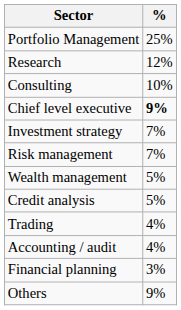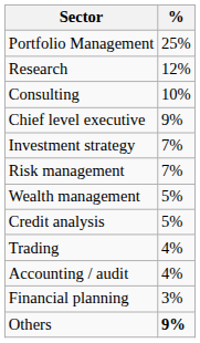 <table class="wikitable sortable floatright">
 <tr>
 <th>Sector</th>
 <th>%</th>
 </tr>
 <tr>
 <td>Portfolio Management</td>
 <td>25%</td>
 </tr>
 <tr>
 <td>Research</td>
 <td>12%</td>
 </tr>
 <tr>
 <td>Consulting</td>
 <td>10%</td>
 </tr>
 <tr>
 <td>Chief level executive</td>
-<td><strong>9%</strong></td>
+<td>9%</td>
 </tr>
 <tr>
 <td>Investment strategy</td>
 <td>7%</td>
 </tr>
 <tr>
 <td>Risk management</td>
 <td>7%</td>
 </tr>
 <tr>
 <td>Wealth management</td>
 <td>5%</td>
 </tr>
 <tr>
 <td>Credit analysis</td>
 <td>5%</td>
 </tr>
 <tr>
 <td>Trading</td>
 <td>4%</td>
 </tr>
 <tr>
 <td>Accounting / audit</td>
 <td>4%</td>
 </tr>
 <tr>
 <td>Financial planning</td>
 <td>3%</td>
 </tr>
 <tr>
 <td>Others</td>
-<td>9%</td>
+<td><strong>9%</strong></td>
 </tr>
 </table>
